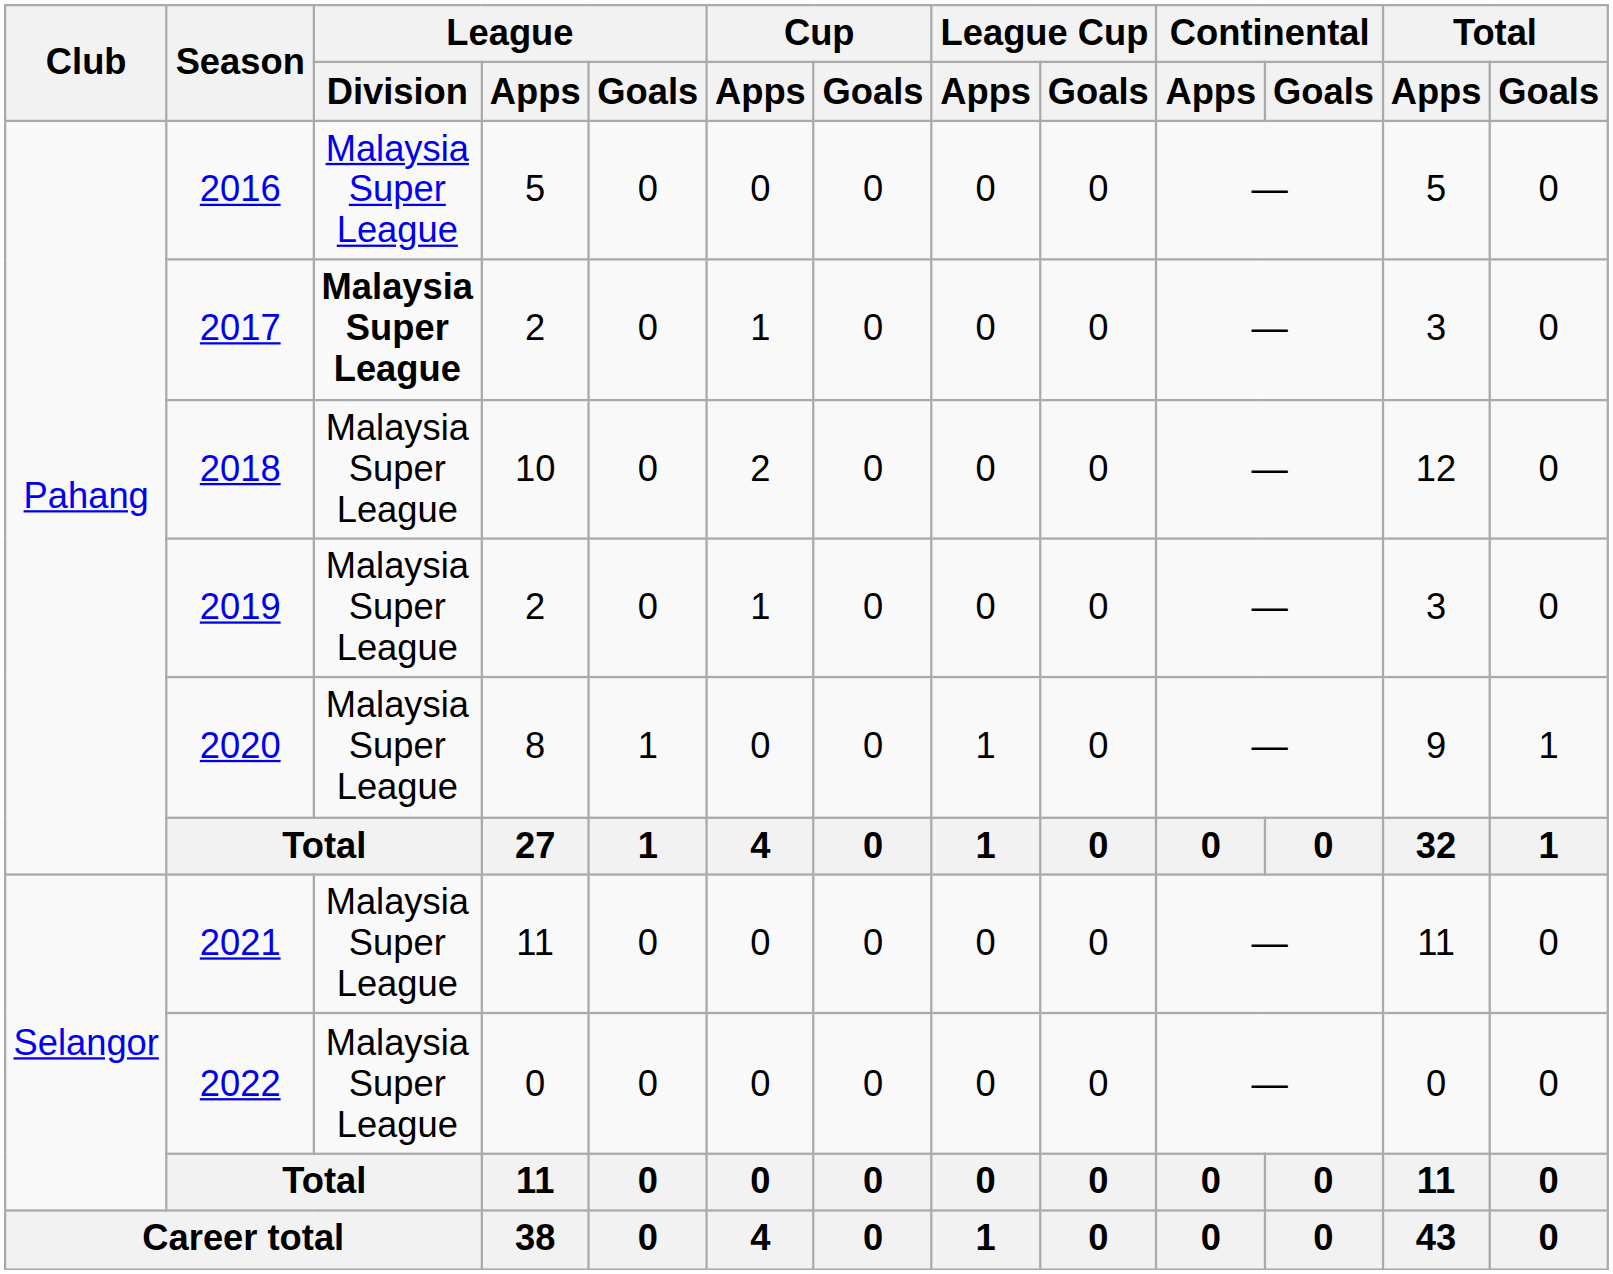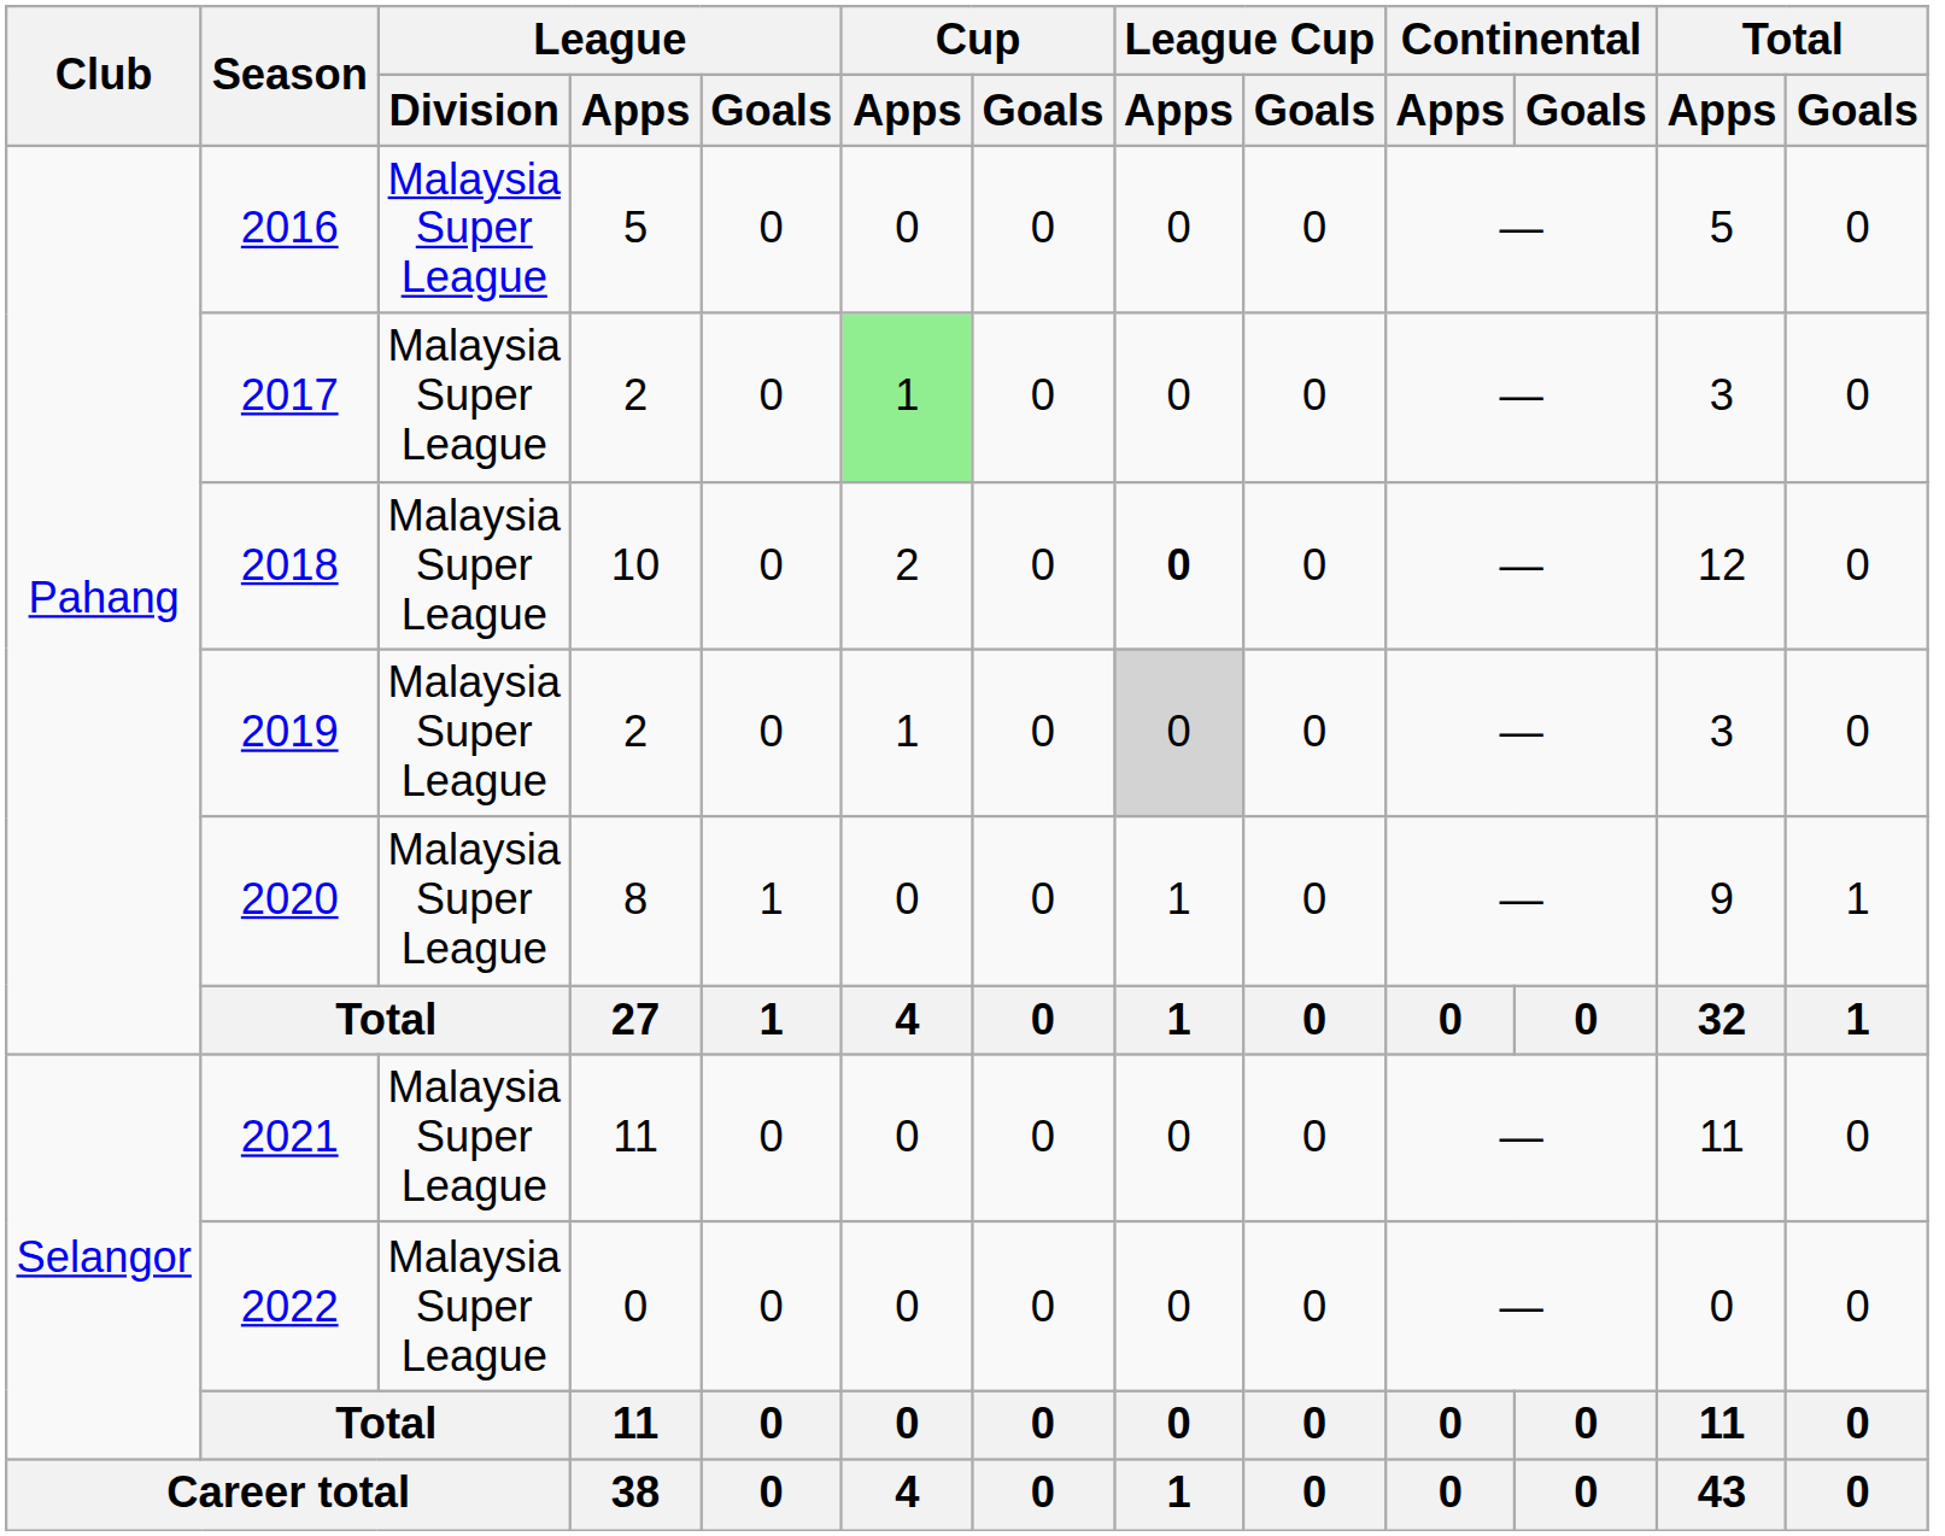 <table class=wikitable style="text-align: center">
 <tr>
 <th rowspan=2>Club</th>
 <th rowspan=2>Season</th>
 <th colspan=3>League</th>
 <th colspan=2>Cup</th>
 <th colspan=2>League Cup</th>
 <th colspan=2>Continental</th>
 <th colspan=2>Total</th>
 </tr>
 <tr>
 <th>Division</th>
 <th>Apps</th>
 <th>Goals</th>
 <th>Apps</th>
 <th>Goals</th>
 <th>Apps</th>
 <th>Goals</th>
 <th>Apps</th>
 <th>Goals</th>
 <th>Apps</th>
 <th>Goals</th>
 </tr>
 <tr>
 <td rowspan="6"><a href='#'>Pahang</a></td>
 <td><a href='#'>2016</a></td>
 <td><a href='#'>Malaysia Super League</a></td>
 <td>5</td>
 <td>0</td>
 <td>0</td>
 <td>0</td>
 <td>0</td>
 <td>0</td>
 <td colspan="2">—</td>
 <td>5</td>
 <td>0</td>
 </tr>
 <tr>
 <td><a href='#'>2017</a></td>
-<td><strong>Malaysia Super League</strong></td>
+<td>Malaysia Super League</td>
 <td>2</td>
 <td>0</td>
-<td>1</td>
+<td style="background: lightgreen;">1</td>
 <td>0</td>
 <td>0</td>
 <td>0</td>
 <td colspan="2">—</td>
 <td>3</td>
 <td>0</td>
 </tr>
 <tr>
 <td><a href='#'>2018</a></td>
 <td>Malaysia Super League</td>
 <td>10</td>
 <td>0</td>
 <td>2</td>
 <td>0</td>
-<td>0</td>
+<td><strong>0</strong></td>
 <td>0</td>
 <td colspan="2">—</td>
 <td>12</td>
 <td>0</td>
 </tr>
 <tr>
 <td><a href='#'>2019</a></td>
 <td>Malaysia Super League</td>
 <td>2</td>
 <td>0</td>
 <td>1</td>
 <td>0</td>
-<td>0</td>
+<td style="background: lightgrey;">0</td>
 <td>0</td>
 <td colspan="2">—</td>
 <td>3</td>
 <td>0</td>
 </tr>
 <tr>
 <td><a href='#'>2020</a></td>
 <td>Malaysia Super League</td>
 <td>8</td>
 <td>1</td>
 <td>0</td>
 <td>0</td>
 <td>1</td>
 <td>0</td>
 <td colspan="2">—</td>
 <td>9</td>
 <td>1</td>
 </tr>
 <tr>
 <th colspan="2">Total</th>
 <th>27</th>
 <th>1</th>
 <th>4</th>
 <th>0</th>
 <th>1</th>
 <th>0</th>
 <th>0</th>
 <th>0</th>
 <th>32</th>
 <th>1</th>
 </tr>
 <tr>
 <td rowspan="3"><a href='#'>Selangor</a></td>
 <td><a href='#'>2021</a></td>
 <td>Malaysia Super League</td>
 <td>11</td>
 <td>0</td>
 <td>0</td>
 <td>0</td>
 <td>0</td>
 <td>0</td>
 <td colspan="2">—</td>
 <td>11</td>
 <td>0</td>
 </tr>
 <tr>
 <td><a href='#'>2022</a></td>
 <td>Malaysia Super League</td>
 <td>0</td>
 <td>0</td>
 <td>0</td>
 <td>0</td>
 <td>0</td>
 <td>0</td>
 <td colspan="2">—</td>
 <td>0</td>
 <td>0</td>
 </tr>
 <tr>
 <th colspan="2">Total</th>
 <th>11</th>
 <th>0</th>
 <th>0</th>
 <th>0</th>
 <th>0</th>
 <th>0</th>
 <th>0</th>
 <th>0</th>
 <th>11</th>
 <th>0</th>
 </tr>
 <tr>
 <th colspan=3>Career total</th>
 <th>38</th>
 <th>0</th>
 <th>4</th>
 <th>0</th>
 <th>1</th>
 <th>0</th>
 <th>0</th>
 <th>0</th>
 <th>43</th>
 <th>0</th>
 </tr>
 </table>
